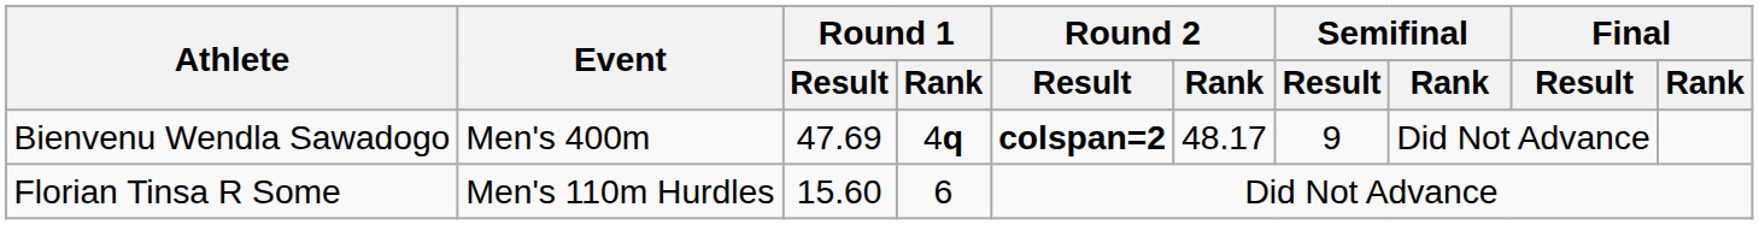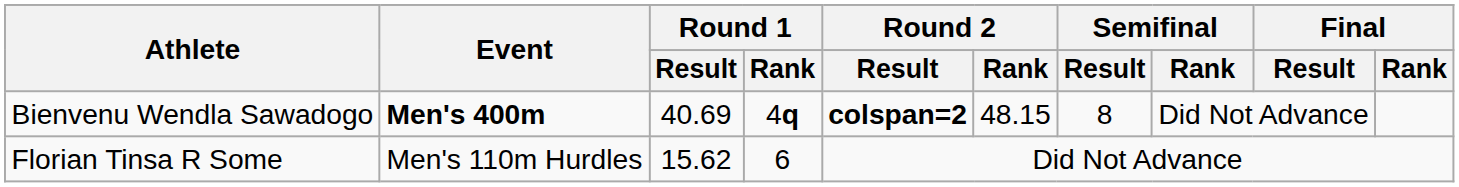 <table class="wikitable" style="font-size:90%">
 <tr>
 <th rowspan="2">Athlete</th>
 <th rowspan="2">Event</th>
 <th colspan="2">Round 1</th>
 <th colspan="2">Round 2</th>
 <th colspan="2">Semifinal</th>
 <th colspan="2">Final</th>
 </tr>
 <tr style="font-size:95%">
 <th>Result</th>
 <th>Rank</th>
 <th>Result</th>
 <th>Rank</th>
 <th>Result</th>
 <th>Rank</th>
 <th>Result</th>
 <th>Rank</th>
 </tr>
 <tr align=center>
 <td align=left>Bienvenu Wendla Sawadogo</td>
-<td align=left>Men's 400m</td>
-<td>47.69</td>
+<td align=left><strong>Men's 400m</strong></td>
+<td>40.69</td>
 <td>4<strong>q</strong></td>
 <td><strong>colspan=2 </strong></td>
-<td>48.17</td>
-<td>9</td>
+<td>48.15</td>
+<td>8</td>
 <td colspan=2>Did Not Advance</td>
 </tr>
 <tr align=center>
 <td align=left>Florian Tinsa R Some</td>
 <td align=left>Men's 110m Hurdles</td>
-<td>15.60</td>
+<td>15.62</td>
 <td>6</td>
 <td colspan=6>Did Not Advance</td>
 </tr>
 </table>
